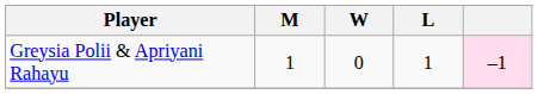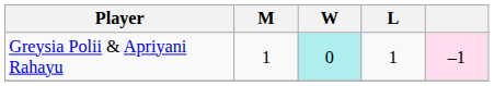 <table class="sortable wikitable" style="text-align:center">
 <tr>
 <th width="200">Player</th>
 <th width="50">M</th>
 <th width="50">W</th>
 <th width="50">L</th>
 <th width="50"></th>
 </tr>
 <tr>
 <td align="left"> <a href='#'>Greysia Polii</a> & <a href='#'>Apriyani Rahayu</a></td>
 <td>1</td>
-<td>0</td>
+<td style="background: paleturquoise;">0</td>
 <td>1</td>
 <td bgcolor="#ffddee">–1</td>
 </tr>
 <tr>
 </tr>
 </table>
